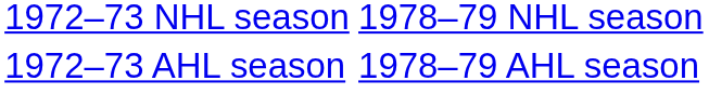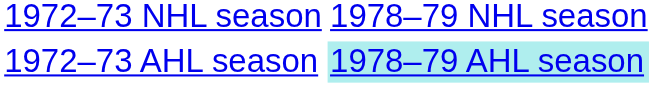 <table>
 <tr>
 <td><a href='#'>1972–73 NHL season</a></td>
 <td><a href='#'>1978–79 NHL season</a></td>
 </tr>
 <tr>
 <td><a href='#'>1972–73 AHL season</a></td>
-<td><a href='#'>1978–79 AHL season</a></td>
+<td style="background: paleturquoise;"><a href='#'>1978–79 AHL season</a></td>
 </tr>
 <tr>
 </tr>
 </table>
